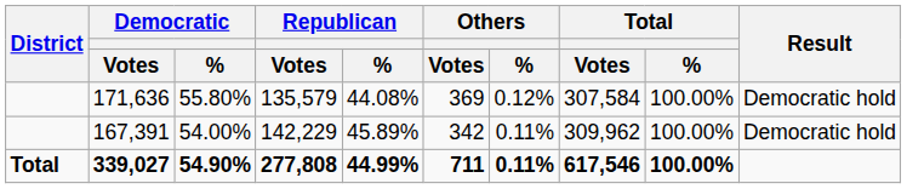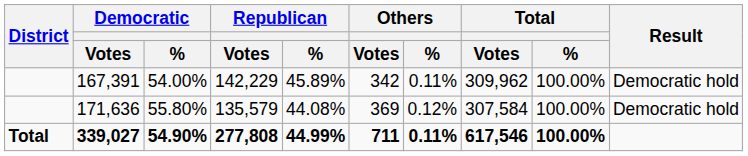 <table class="wikitable plainrowheaders sortable" style="font-size:100%; text-align:right;">
 <tr>
 <th scope=col rowspan=3><a href='#'>District</a></th>
 <th scope=col colspan=2><a href='#'>Democratic</a></th>
 <th scope=col colspan=2><a href='#'>Republican</a></th>
 <th scope=col colspan=2>Others</th>
 <th scope=col colspan=2>Total</th>
 <th scope=col rowspan=3>Result</th>
 </tr>
 <tr>
 <th scope=col colspan=2 style="background:"></th>
 <th scope=col colspan=2 style="background:"></th>
 <th scope=col colspan=2></th>
 <th scope=col colspan=2></th>
 </tr>
 <tr>
 <th scope=col data-sort-type="number">Votes</th>
 <th scope=col data-sort-type="number">%</th>
 <th scope=col data-sort-type="number">Votes</th>
 <th scope=col data-sort-type="number">%</th>
 <th scope=col data-sort-type="number">Votes</th>
 <th scope=col data-sort-type="number">%</th>
 <th scope=col data-sort-type="number">Votes</th>
 <th scope=col data-sort-type="number">%</th>
 </tr>
 <tr>
 <td align=left></td>
+<td>167,391</td>
+<td>54.00%</td>
+<td>142,229</td>
+<td>45.89%</td>
+<td>342</td>
+<td>0.11%</td>
+<td>309,962</td>
+<td>100.00%</td>
+<td align=left>Democratic hold</td>
+</tr>
+<tr>
+<td align=left></td>
 <td>171,636</td>
 <td>55.80%</td>
 <td>135,579</td>
 <td>44.08%</td>
 <td>369</td>
 <td>0.12%</td>
 <td>307,584</td>
-<td>100.00%</td>
-<td align=left>Democratic hold</td>
-</tr>
-<tr>
-<td align=left></td>
-<td>167,391</td>
-<td>54.00%</td>
-<td>142,229</td>
-<td>45.89%</td>
-<td>342</td>
-<td>0.11%</td>
-<td>309,962</td>
 <td>100.00%</td>
 <td align=left>Democratic hold</td>
 </tr>
 <tr class="sortbottom" style="font-weight:bold">
 <td align=left>Total</td>
 <td>339,027</td>
 <td>54.90%</td>
 <td>277,808</td>
 <td>44.99%</td>
 <td>711</td>
 <td>0.11%</td>
 <td>617,546</td>
 <td>100.00%</td>
 <td></td>
 </tr>
 </table>
